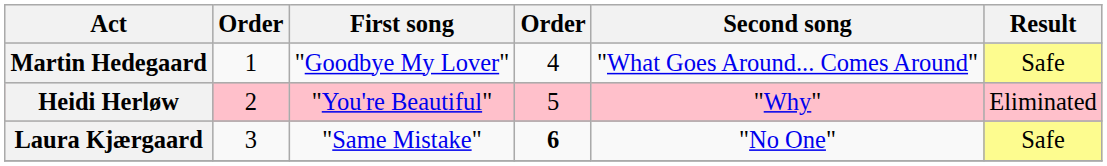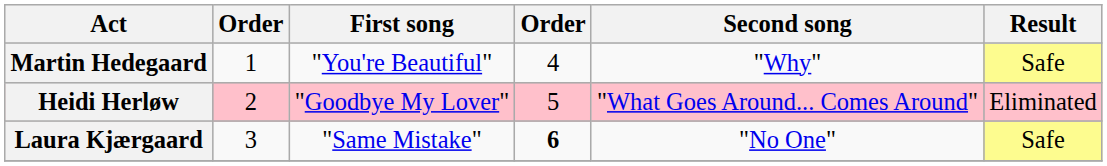 <table class="wikitable plainrowheaders" style="text-align:center;">
 <tr>
 <th>Act</th>
 <th>Order</th>
 <th>First song</th>
 <th>Order</th>
 <th>Second song</th>
 <th>Result</th>
 </tr>
 <tr>
 <th scope=row>Martin Hedegaard</th>
 <td>1</td>
-<td>"<a href='#'>Goodbye My Lover</a>"</td>
+<td>"<a href='#'>You're Beautiful</a>"</td>
 <td>4</td>
-<td>"<a href='#'>What Goes Around... Comes Around</a>"</td>
+<td>"<a href='#'>Why</a>"</td>
 <td style="background:#fdfc8f;">Safe</td>
 </tr>
 <tr style="background:pink;">
 <th scope=row>Heidi Herløw</th>
 <td>2</td>
-<td>"<a href='#'>You're Beautiful</a>"</td>
+<td>"<a href='#'>Goodbye My Lover</a>"</td>
 <td>5</td>
-<td>"<a href='#'>Why</a>"</td>
+<td>"<a href='#'>What Goes Around... Comes Around</a>"</td>
 <td>Eliminated</td>
 </tr>
 <tr>
 <th scope=row>Laura Kjærgaard</th>
 <td>3</td>
 <td>"<a href='#'>Same Mistake</a>"</td>
 <td><strong>6</strong></td>
 <td>"<a href='#'>No One</a>"</td>
 <td style="background:#fdfc8f;">Safe</td>
 </tr>
 <tr>
 </tr>
 </table>
